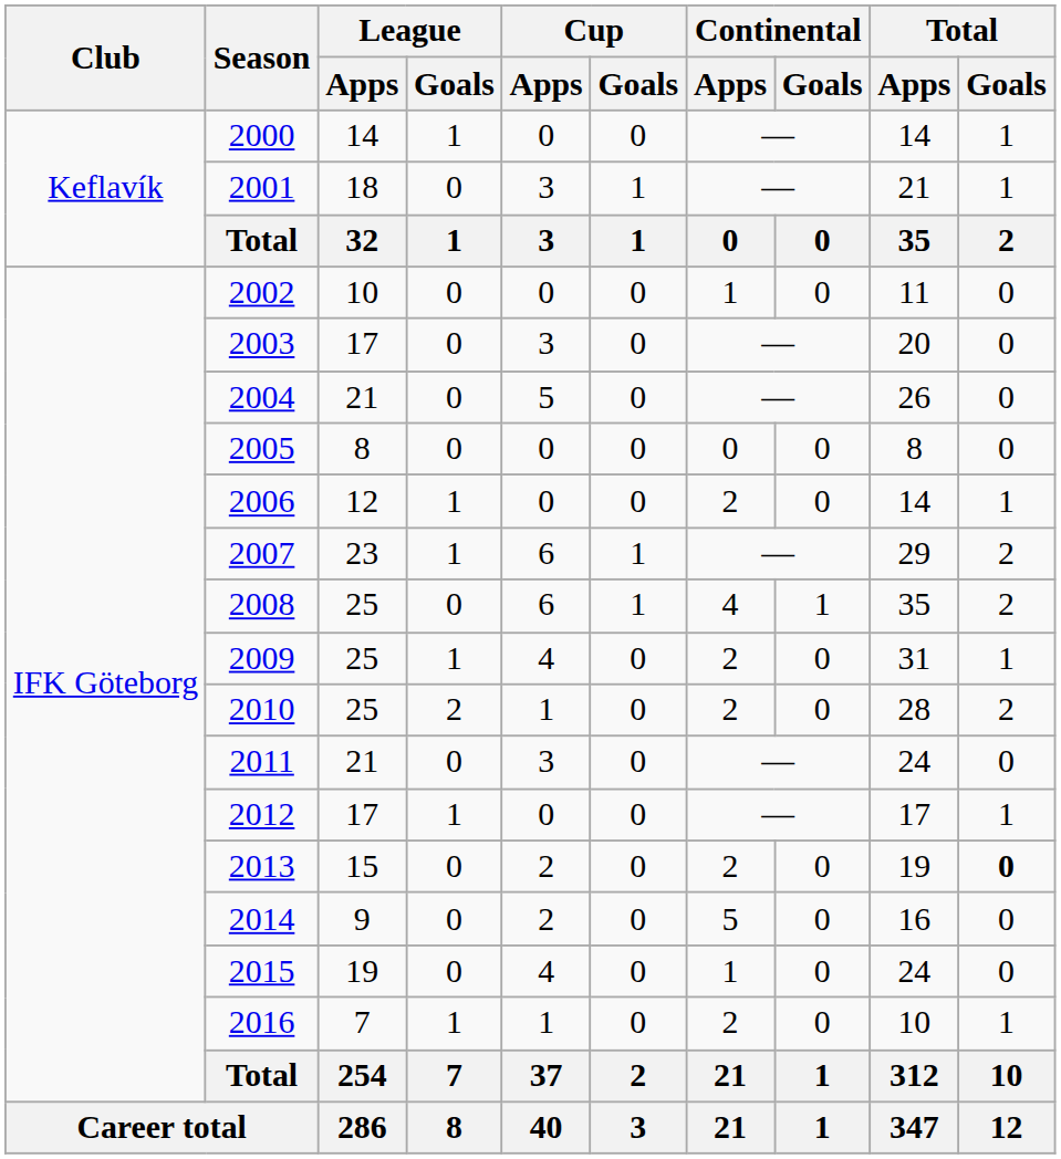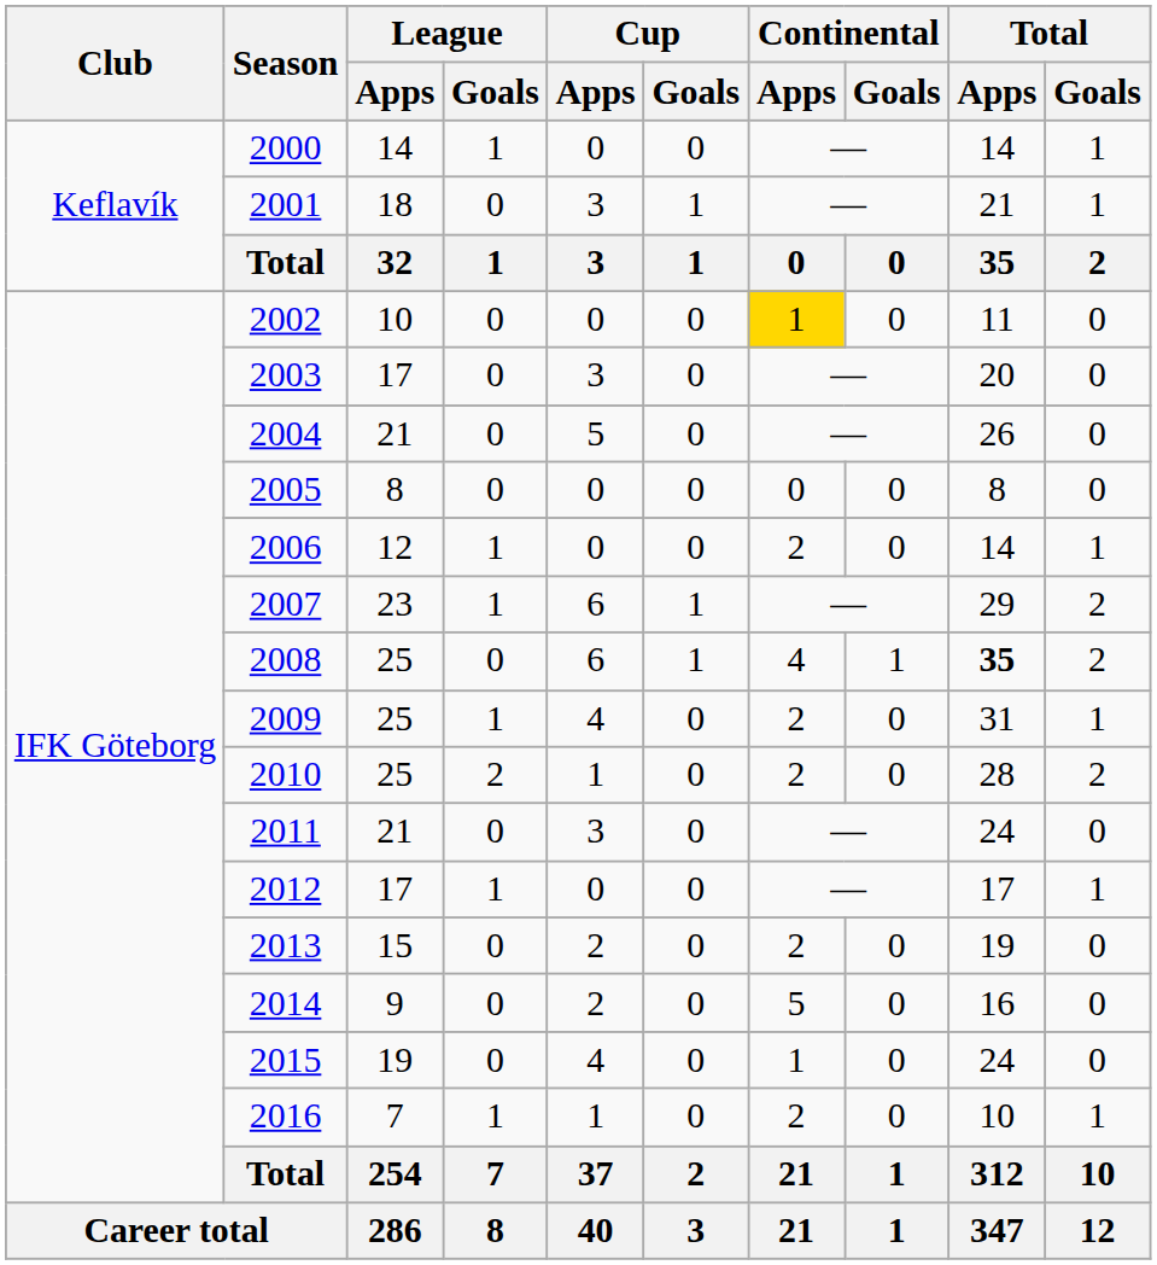 <table class="wikitable" style="text-align:center">
 <tr>
 <th rowspan="2">Club</th>
 <th rowspan="2">Season</th>
 <th colspan="2">League</th>
 <th colspan="2">Cup</th>
 <th colspan="2">Continental</th>
 <th colspan="2">Total</th>
 </tr>
 <tr>
 <th>Apps</th>
 <th>Goals</th>
 <th>Apps</th>
 <th>Goals</th>
 <th>Apps</th>
 <th>Goals</th>
 <th>Apps</th>
 <th>Goals</th>
 </tr>
 <tr>
 <td rowspan=3><a href='#'>Keflavík</a></td>
 <td><a href='#'>2000</a></td>
 <td>14</td>
 <td>1</td>
 <td>0</td>
 <td>0</td>
 <td colspan="2">—</td>
 <td>14</td>
 <td>1</td>
 </tr>
 <tr>
 <td><a href='#'>2001</a></td>
 <td>18</td>
 <td>0</td>
 <td>3</td>
 <td>1</td>
 <td colspan="2">—</td>
 <td>21</td>
 <td>1</td>
 </tr>
 <tr>
 <th>Total</th>
 <th>32</th>
 <th>1</th>
 <th>3</th>
 <th>1</th>
 <th>0</th>
 <th>0</th>
 <th>35</th>
 <th>2</th>
 </tr>
 <tr>
 <td rowspan=16><a href='#'>IFK Göteborg</a></td>
 <td><a href='#'>2002</a></td>
 <td>10</td>
 <td>0</td>
 <td>0</td>
 <td>0</td>
-<td>1</td>
+<td style="background: gold;">1</td>
 <td>0</td>
 <td>11</td>
 <td>0</td>
 </tr>
 <tr>
 <td><a href='#'>2003</a></td>
 <td>17</td>
 <td>0</td>
 <td>3</td>
 <td>0</td>
 <td colspan="2">—</td>
 <td>20</td>
 <td>0</td>
 </tr>
 <tr>
 <td><a href='#'>2004</a></td>
 <td>21</td>
 <td>0</td>
 <td>5</td>
 <td>0</td>
 <td colspan="2">—</td>
 <td>26</td>
 <td>0</td>
 </tr>
 <tr>
 <td><a href='#'>2005</a></td>
 <td>8</td>
 <td>0</td>
 <td>0</td>
 <td>0</td>
 <td>0</td>
 <td>0</td>
 <td>8</td>
 <td>0</td>
 </tr>
 <tr>
 <td><a href='#'>2006</a></td>
 <td>12</td>
 <td>1</td>
 <td>0</td>
 <td>0</td>
 <td>2</td>
 <td>0</td>
 <td>14</td>
 <td>1</td>
 </tr>
 <tr>
 <td><a href='#'>2007</a></td>
 <td>23</td>
 <td>1</td>
 <td>6</td>
 <td>1</td>
 <td colspan="2">—</td>
 <td>29</td>
 <td>2</td>
 </tr>
 <tr>
 <td><a href='#'>2008</a></td>
 <td>25</td>
 <td>0</td>
 <td>6</td>
 <td>1</td>
 <td>4</td>
 <td>1</td>
-<td>35</td>
+<td><strong>35</strong></td>
 <td>2</td>
 </tr>
 <tr>
 <td><a href='#'>2009</a></td>
 <td>25</td>
 <td>1</td>
 <td>4</td>
 <td>0</td>
 <td>2</td>
 <td>0</td>
 <td>31</td>
 <td>1</td>
 </tr>
 <tr>
 <td><a href='#'>2010</a></td>
 <td>25</td>
 <td>2</td>
 <td>1</td>
 <td>0</td>
 <td>2</td>
 <td>0</td>
 <td>28</td>
 <td>2</td>
 </tr>
 <tr>
 <td><a href='#'>2011</a></td>
 <td>21</td>
 <td>0</td>
 <td>3</td>
 <td>0</td>
 <td colspan="2">—</td>
 <td>24</td>
 <td>0</td>
 </tr>
 <tr>
 <td><a href='#'>2012</a></td>
 <td>17</td>
 <td>1</td>
 <td>0</td>
 <td>0</td>
 <td colspan="2">—</td>
 <td>17</td>
 <td>1</td>
 </tr>
 <tr>
 <td><a href='#'>2013</a></td>
 <td>15</td>
 <td>0</td>
 <td>2</td>
 <td>0</td>
 <td>2</td>
 <td>0</td>
 <td>19</td>
-<td><strong>0</strong></td>
+<td>0</td>
 </tr>
 <tr>
 <td><a href='#'>2014</a></td>
 <td>9</td>
 <td>0</td>
 <td>2</td>
 <td>0</td>
 <td>5</td>
 <td>0</td>
 <td>16</td>
 <td>0</td>
 </tr>
 <tr>
 <td><a href='#'>2015</a></td>
 <td>19</td>
 <td>0</td>
 <td>4</td>
 <td>0</td>
 <td>1</td>
 <td>0</td>
 <td>24</td>
 <td>0</td>
 </tr>
 <tr>
 <td><a href='#'>2016</a></td>
 <td>7</td>
 <td>1</td>
 <td>1</td>
 <td>0</td>
 <td>2</td>
 <td>0</td>
 <td>10</td>
 <td>1</td>
 </tr>
 <tr>
 <th>Total</th>
 <th>254</th>
 <th>7</th>
 <th>37</th>
 <th>2</th>
 <th>21</th>
 <th>1</th>
 <th>312</th>
 <th>10</th>
 </tr>
 <tr>
 <th colspan="2">Career total</th>
 <th>286</th>
 <th>8</th>
 <th>40</th>
 <th>3</th>
 <th>21</th>
 <th>1</th>
 <th>347</th>
 <th>12</th>
 </tr>
 </table>
